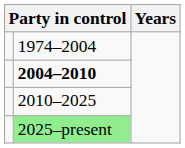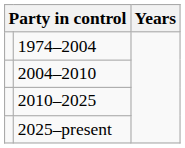 <table class="wikitable">
 <tr>
 <th colspan=2>Party in control</th>
 <th>Years</th>
 </tr>
 <tr>
 <td></td>
 <td>1974–2004</td>
 </tr>
 <tr>
 <td></td>
-<td><strong>2004–2010</strong></td>
+<td>2004–2010</td>
 </tr>
 <tr>
 <td></td>
 <td>2010–2025</td>
 </tr>
 <tr>
 <td></td>
-<td style="background: lightgreen;">2025–present</td>
+<td>2025–present</td>
 </tr>
 </table>
